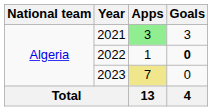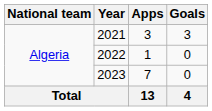 <table class="wikitable" style="text-align:center">
 <tr>
 <th>National team</th>
 <th>Year</th>
 <th>Apps</th>
 <th>Goals</th>
 </tr>
 <tr>
 <td rowspan=3><a href='#'>Algeria</a></td>
 <td>2021</td>
-<td style="background: lightgreen;">3</td>
+<td>3</td>
 <td>3</td>
 </tr>
 <tr>
 <td>2022</td>
 <td>1</td>
-<td><strong>0</strong></td>
+<td>0</td>
 </tr>
 <tr>
 <td>2023</td>
-<td style="background: khaki;">7</td>
+<td>7</td>
 <td>0</td>
 </tr>
 <tr>
 <th colspan=2>Total</th>
 <th>13</th>
 <th>4</th>
 </tr>
 </table>
